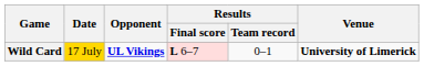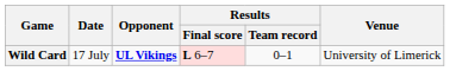 <table class="wikitable">
 <tr>
 <th rowspan="2">Game</th>
 <th rowspan="2">Date</th>
 <th rowspan="2">Opponent</th>
 <th colspan="2">Results</th>
 <th rowspan="2">Venue</th>
 </tr>
 <tr>
 <th>Final score</th>
 <th>Team record</th>
 </tr>
 <tr>
 <th>Wild Card</th>
-<td style="background: gold;">17 July</td>
+<td>17 July</td>
 <td style="text-align:center;"><strong><a href='#'>UL Vikings</a></strong></td>
 <td style="background:#fdd;"><strong>L</strong> 6–7</td>
 <td style="text-align:center;">0–1</td>
-<td style="text-align:center;"><strong>University of Limerick</strong></td>
+<td style="text-align:center;">University of Limerick</td>
 </tr>
 </table>
